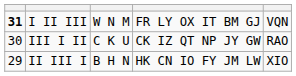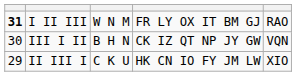 <table class="wikitable" style="margin: auto; border: none; text-align:center">
 <tr>
 <th></th>
 <th></th>
 <th></th>
 <th></th>
 <th></th>
 </tr>
 <tr>
 <td style="text-align: center; font-family: monospace;"><strong>31</strong></td>
 <td style="text-align: center; font-family: monospace;">I II III</td>
 <td style="text-align: center; font-family: monospace;">W N M</td>
 <td style="text-align: center; font-family: monospace;">FR LY OX IT BM GJ</td>
-<td style="text-align: center; font-family: monospace;">VQN</td>
+<td style="text-align: center; font-family: monospace;">RAO</td>
 </tr>
 <tr>
 <td style="text-align: center; font-family: monospace;">30</td>
 <td style="text-align: center; font-family: monospace;">III I II</td>
-<td style="text-align: center; font-family: monospace;">C K U</td>
+<td style="text-align: center; font-family: monospace;">B H N</td>
 <td style="text-align: center; font-family: monospace;">CK IZ QT NP JY GW</td>
-<td style="text-align: center; font-family: monospace;">RAO</td>
+<td style="text-align: center; font-family: monospace;">VQN</td>
 </tr>
 <tr>
 <td style="text-align: center; font-family: monospace;">29</td>
 <td style="text-align: center; font-family: monospace;">II III I</td>
-<td style="text-align: center; font-family: monospace;">B H N</td>
+<td style="text-align: center; font-family: monospace;">C K U</td>
 <td style="text-align: center; font-family: monospace;">HK CN IO FY JM LW</td>
 <td style="text-align: center; font-family: monospace;">XIO</td>
 </tr>
 </table>
